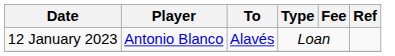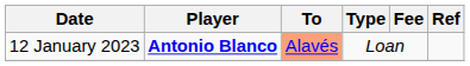 <table class="wikitable">
 <tr>
 <th>Date</th>
 <th>Player</th>
 <th>To</th>
 <th>Type</th>
 <th>Fee</th>
 <th>Ref</th>
 </tr>
 <tr>
 <td>12 January 2023</td>
-<td> <a href='#'>Antonio Blanco</a></td>
-<td><a href='#'>Alavés</a></td>
+<td><strong> <a href='#'>Antonio Blanco</a></strong></td>
+<td style="background: lightsalmon;"><a href='#'>Alavés</a></td>
 <td colspan=2 align=center><em>Loan</em></td>
 <td align=center></td>
 </tr>
 <tr>
 </tr>
 </table>
